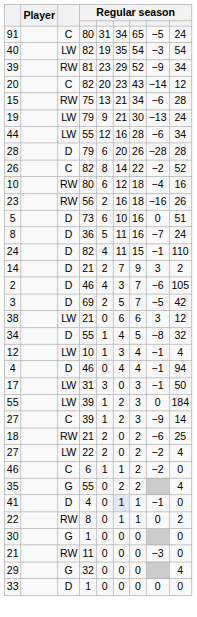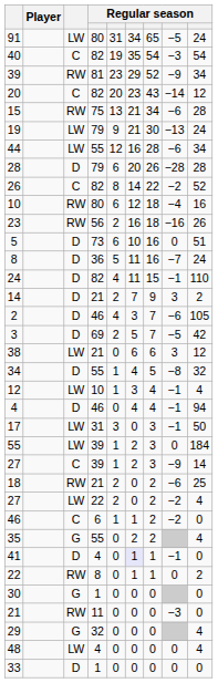 <table class="wikitable sortable plainrowheaders" style="text-align:center;">
 <tr>
 <th scope="col" data-sort-type="number" rowspan="2"></th>
 <th scope="col" rowspan="2">Player</th>
 <th scope="col" rowspan="2"></th>
 <th scope=colgroup colspan=6>Regular season</th>
 </tr>
 <tr>
 <th scope="col" data-sort-type="number"></th>
 <th scope="col" data-sort-type="number"></th>
 <th scope="col" data-sort-type="number"></th>
 <th scope="col" data-sort-type="number"></th>
 <th scope="col" data-sort-type="number"></th>
 <th scope="col" data-sort-type="number"></th>
 </tr>
 <tr>
 <td scope="row">91</td>
 <td align="left"></td>
-<td>C</td>
+<td>LW</td>
 <td>80</td>
 <td>31</td>
 <td>34</td>
 <td>65</td>
 <td>−5</td>
 <td>24</td>
 </tr>
 <tr>
 <td scope="row">40</td>
 <td align="left"></td>
-<td>LW</td>
+<td>C</td>
 <td>82</td>
 <td>19</td>
 <td>35</td>
 <td>54</td>
 <td>−3</td>
 <td>54</td>
 </tr>
 <tr>
 <td scope="row">39</td>
 <td align="left"></td>
 <td>RW</td>
 <td>81</td>
 <td>23</td>
 <td>29</td>
 <td>52</td>
 <td>−9</td>
 <td>34</td>
 </tr>
 <tr>
 <td scope="row">20</td>
 <td align="left"></td>
 <td>C</td>
 <td>82</td>
 <td>20</td>
 <td>23</td>
 <td>43</td>
 <td>−14</td>
 <td>12</td>
 </tr>
 <tr>
 <td scope="row">15</td>
 <td align="left"></td>
 <td>RW</td>
 <td>75</td>
 <td>13</td>
 <td>21</td>
 <td>34</td>
 <td>−6</td>
 <td>28</td>
 </tr>
 <tr>
 <td scope="row">19</td>
 <td align="left"></td>
 <td>LW</td>
 <td>79</td>
 <td>9</td>
 <td>21</td>
 <td>30</td>
 <td>−13</td>
 <td>24</td>
 </tr>
 <tr>
 <td scope="row">44</td>
 <td align="left"></td>
 <td>LW</td>
 <td>55</td>
 <td>12</td>
 <td>16</td>
 <td>28</td>
 <td>−6</td>
 <td>34</td>
 </tr>
 <tr>
 <td scope="row">28</td>
 <td align="left"></td>
 <td>D</td>
 <td>79</td>
 <td>6</td>
 <td>20</td>
 <td>26</td>
 <td>−28</td>
 <td>28</td>
 </tr>
 <tr>
 <td scope="row">26</td>
 <td align="left"></td>
 <td>C</td>
 <td>82</td>
 <td>8</td>
 <td>14</td>
 <td>22</td>
 <td>−2</td>
 <td>52</td>
 </tr>
 <tr>
 <td scope="row">10</td>
 <td align="left"></td>
 <td>RW</td>
 <td>80</td>
 <td>6</td>
 <td>12</td>
 <td>18</td>
 <td>−4</td>
 <td>16</td>
 </tr>
 <tr>
 <td scope="row">23</td>
 <td align="left"></td>
 <td>RW</td>
 <td>56</td>
 <td>2</td>
 <td>16</td>
 <td>18</td>
 <td>−16</td>
 <td>26</td>
 </tr>
 <tr>
 <td scope="row">5</td>
 <td align="left"></td>
 <td>D</td>
 <td>73</td>
 <td>6</td>
 <td>10</td>
 <td>16</td>
 <td>0</td>
 <td>51</td>
 </tr>
 <tr>
 <td scope="row">8</td>
 <td align="left"></td>
 <td>D</td>
 <td>36</td>
 <td>5</td>
 <td>11</td>
 <td>16</td>
 <td>−7</td>
 <td>24</td>
 </tr>
 <tr>
 <td scope="row">24</td>
 <td align="left"></td>
 <td>D</td>
 <td>82</td>
 <td>4</td>
 <td>11</td>
 <td>15</td>
 <td>−1</td>
 <td>110</td>
 </tr>
 <tr>
 <td scope="row">14</td>
 <td align="left"></td>
 <td>D</td>
 <td>21</td>
 <td>2</td>
 <td>7</td>
 <td>9</td>
 <td>3</td>
 <td>2</td>
 </tr>
 <tr>
 <td scope="row">2</td>
 <td align="left"></td>
 <td>D</td>
 <td>46</td>
 <td>4</td>
 <td>3</td>
 <td>7</td>
 <td>−6</td>
 <td>105</td>
 </tr>
 <tr>
 <td scope="row">3</td>
 <td align="left"></td>
 <td>D</td>
 <td>69</td>
 <td>2</td>
 <td>5</td>
 <td>7</td>
 <td>−5</td>
 <td>42</td>
 </tr>
 <tr>
 <td scope="row">38</td>
 <td align="left"></td>
 <td>LW</td>
 <td>21</td>
 <td>0</td>
 <td>6</td>
 <td>6</td>
 <td>3</td>
 <td>12</td>
 </tr>
 <tr>
 <td scope="row">34</td>
 <td align="left"></td>
 <td>D</td>
 <td>55</td>
 <td>1</td>
 <td>4</td>
 <td>5</td>
 <td>−8</td>
 <td>32</td>
 </tr>
 <tr>
 <td scope="row">12</td>
 <td align="left"></td>
 <td>LW</td>
 <td>10</td>
 <td>1</td>
 <td>3</td>
 <td>4</td>
 <td>−1</td>
 <td>4</td>
 </tr>
 <tr>
 <td scope="row">4</td>
 <td align="left"></td>
 <td>D</td>
 <td>46</td>
 <td>0</td>
 <td>4</td>
 <td>4</td>
 <td>−1</td>
 <td>94</td>
 </tr>
 <tr>
 <td scope="row">17</td>
 <td align="left"></td>
 <td>LW</td>
 <td>31</td>
 <td>3</td>
 <td>0</td>
 <td>3</td>
 <td>−1</td>
 <td>50</td>
 </tr>
 <tr>
 <td scope="row">55</td>
 <td align="left"></td>
 <td>LW</td>
 <td>39</td>
 <td>1</td>
 <td>2</td>
 <td>3</td>
 <td>0</td>
 <td>184</td>
 </tr>
 <tr>
 <td scope="row">27</td>
 <td align="left"></td>
 <td>C</td>
 <td>39</td>
 <td>1</td>
 <td>2</td>
 <td>3</td>
 <td>−9</td>
 <td>14</td>
 </tr>
 <tr>
 <td scope="row">18</td>
 <td align="left"></td>
 <td>RW</td>
 <td>21</td>
 <td>2</td>
 <td>0</td>
 <td>2</td>
 <td>−6</td>
 <td>25</td>
 </tr>
 <tr>
 <td scope="row">27</td>
 <td align="left"></td>
 <td>LW</td>
 <td>22</td>
 <td>2</td>
 <td>0</td>
 <td>2</td>
 <td>−2</td>
 <td>4</td>
 </tr>
 <tr>
 <td scope="row">46</td>
 <td align="left"></td>
 <td>C</td>
 <td>6</td>
 <td>1</td>
 <td>1</td>
 <td>2</td>
 <td>−2</td>
 <td>0</td>
 </tr>
 <tr>
 <td scope="row">35</td>
 <td align="left"></td>
 <td>G</td>
 <td>55</td>
 <td>0</td>
 <td>2</td>
 <td>2</td>
 <td style="background:#ccc"></td>
 <td>4</td>
 </tr>
 <tr>
 <td scope="row">41</td>
 <td align="left"></td>
 <td>D</td>
 <td>4</td>
 <td>0</td>
 <td style="background: lavender;">1</td>
 <td>1</td>
 <td>−1</td>
 <td>0</td>
 </tr>
 <tr>
 <td scope="row">22</td>
 <td align="left"></td>
 <td>RW</td>
 <td>8</td>
 <td>0</td>
 <td>1</td>
 <td>1</td>
 <td>0</td>
 <td>2</td>
 </tr>
 <tr>
 <td scope="row">30</td>
 <td align="left"></td>
 <td>G</td>
 <td>1</td>
 <td>0</td>
 <td>0</td>
 <td>0</td>
 <td style="background:#ccc"></td>
 <td>0</td>
 </tr>
 <tr>
 <td scope="row">21</td>
 <td align="left"></td>
 <td>RW</td>
 <td>11</td>
 <td>0</td>
 <td>0</td>
 <td>0</td>
 <td>−3</td>
 <td>0</td>
 </tr>
 <tr>
 <td scope="row">29</td>
 <td align="left"></td>
 <td>G</td>
 <td>32</td>
 <td>0</td>
 <td>0</td>
 <td>0</td>
 <td style="background:#ccc"></td>
 <td>4</td>
 </tr>
 <tr>
+<td scope="row">48</td>
+<td align="left"></td>
+<td>LW</td>
+<td>4</td>
+<td>0</td>
+<td>0</td>
+<td>0</td>
+<td>0</td>
+<td>4</td>
+</tr>
+<tr>
 <td scope="row">33</td>
 <td align="left"></td>
 <td>D</td>
 <td>1</td>
 <td>0</td>
 <td>0</td>
 <td>0</td>
 <td>0</td>
 <td>0</td>
 </tr>
 </table>
